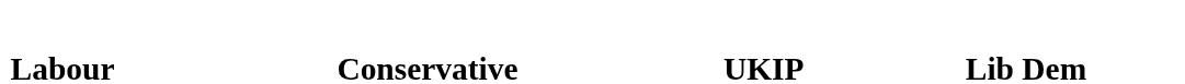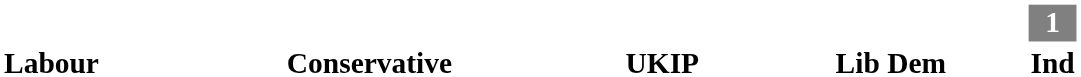 <table style="width:100%; text-align:center;">
 <tr style="color:white;">
 <td style="background-color:"><strong>25</strong></td>
 <td style="background-color:"><strong>6</strong></td>
 <td style="background-color:"><strong>6</strong></td>
 <td style="background-color:"><strong>3</strong></td>
+<td style="background-color:gray; width:2%;"><strong>1</strong></td>
 </tr>
 <tr>
 <td><span><strong>Labour</strong></span></td>
 <td><span><strong>Conservative</strong></span></td>
 <td><span><strong>UKIP</strong></span></td>
 <td><span><strong>Lib Dem</strong></span></td>
+<td><span><strong>Ind</strong></span></td>
 </tr>
 </table>
